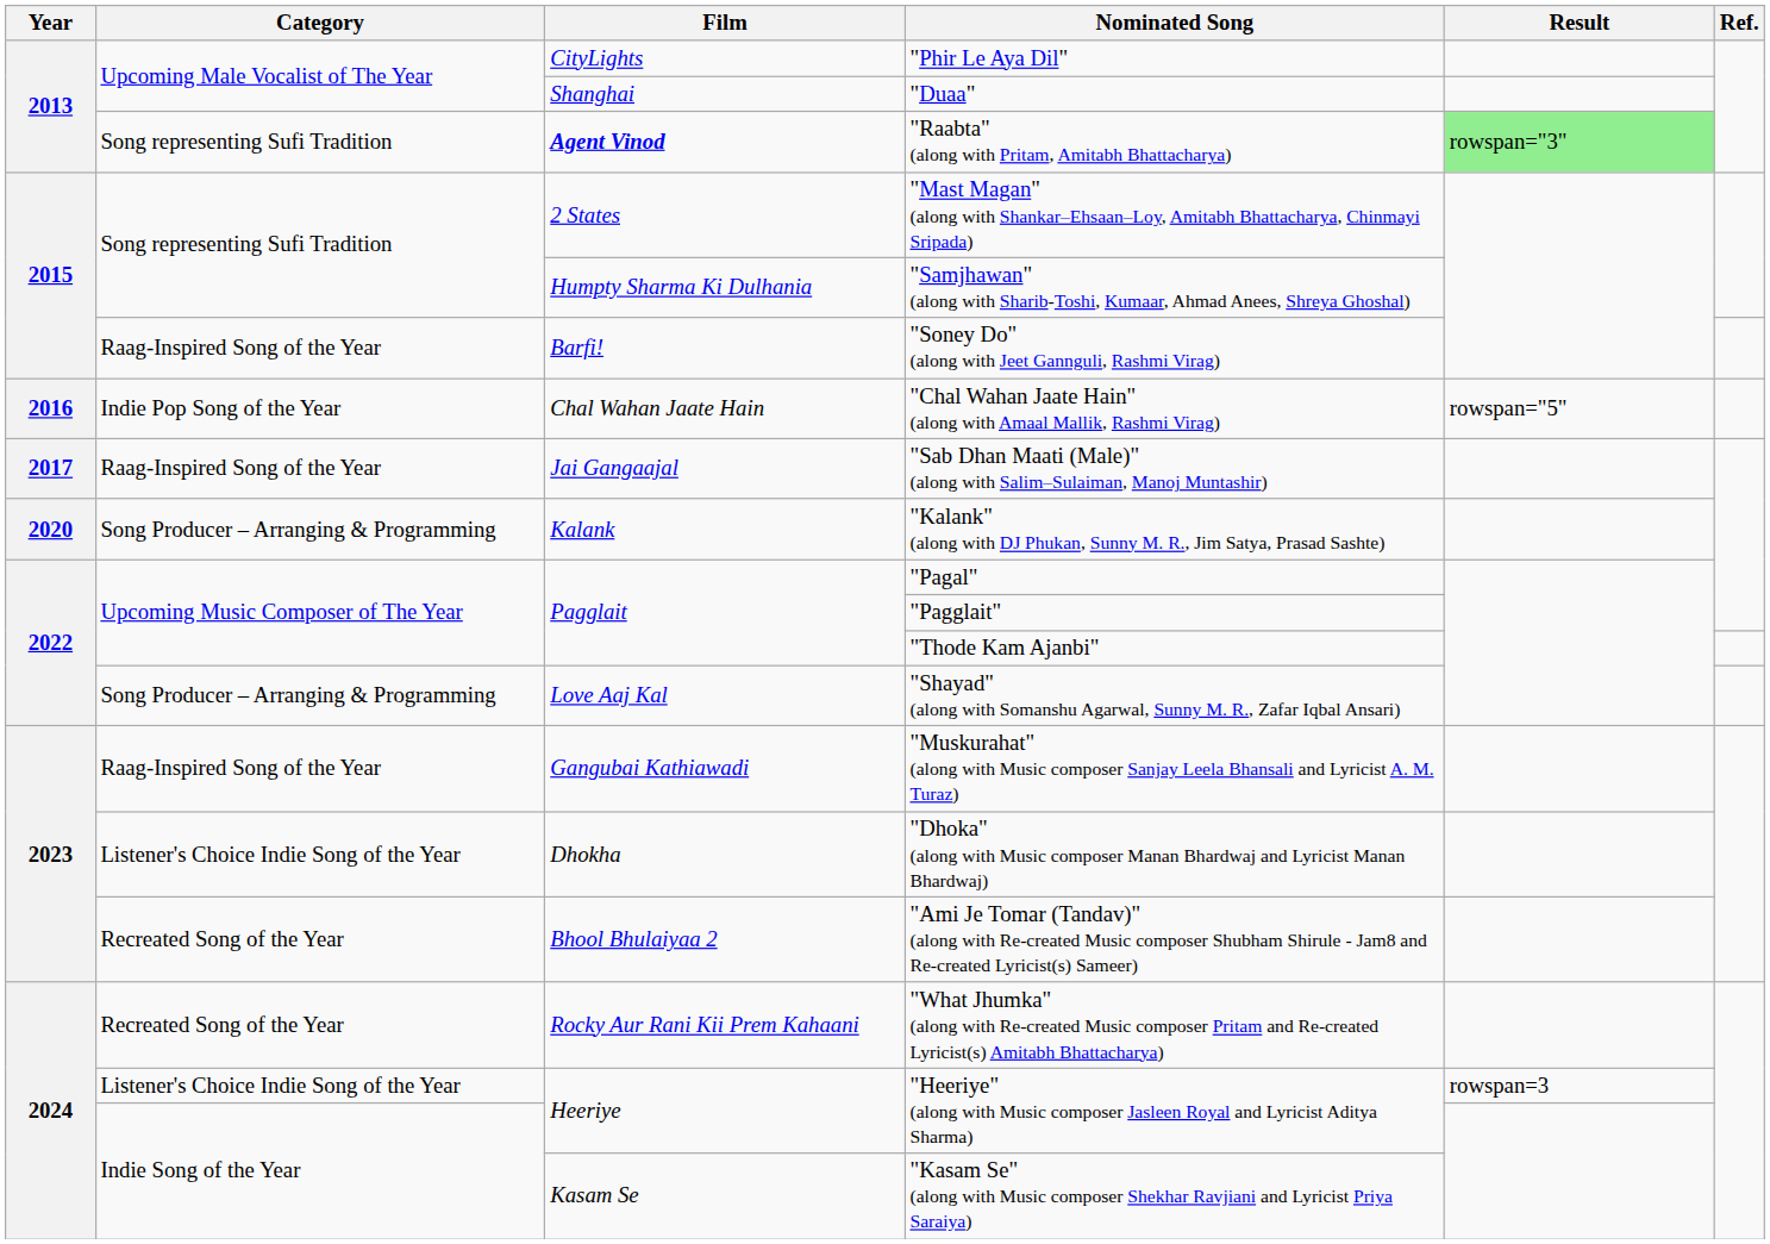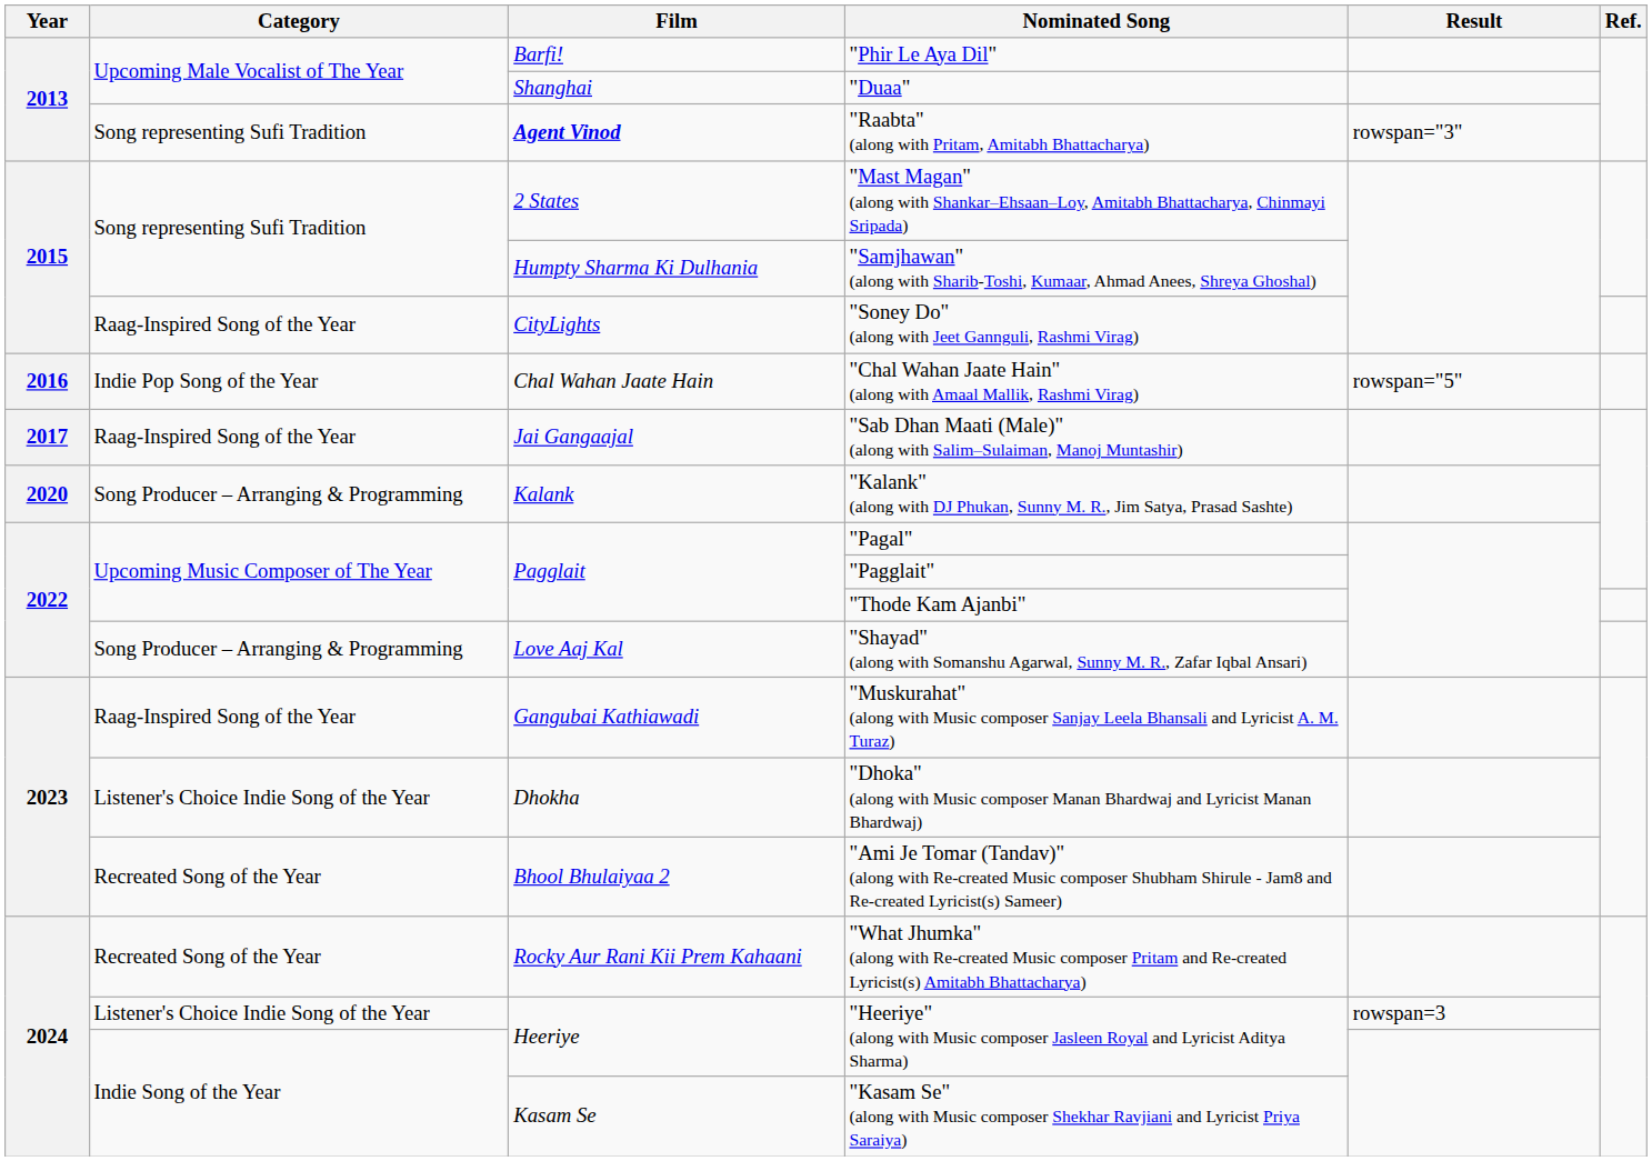 <table class="wikitable plainrowheaders" width="100%" "textcolor:#000;">
 <tr>
 <th scope="col" width=5%><strong>Year</strong></th>
 <th scope="col" width=25%><strong>Category</strong></th>
 <th scope="col" width=20%><strong>Film</strong></th>
 <th scope="col" width=30%><strong>Nominated Song</strong></th>
 <th scope="col" width=15%><strong>Result</strong></th>
 <th scope="col" width=2%><strong>Ref.</strong></th>
 </tr>
 <tr>
 <th scope="row" rowspan="3"><a href='#'>2013</a></th>
 <td rowspan="2"><a href='#'>Upcoming Male Vocalist of The Year</a></td>
-<td><em><a href='#'>CityLights</a></em></td>
+<td><em><a href='#'>Barfi!</a></em></td>
 <td>"<a href='#'>Phir Le Aya Dil</a>"</td>
 <td></td>
 <td rowspan="3"></td>
 </tr>
 <tr>
 <td><em><a href='#'>Shanghai</a></em></td>
 <td>"<a href='#'>Duaa</a>"</td>
 <td></td>
 </tr>
 <tr>
 <td>Song representing Sufi Tradition</td>
 <td><strong><em><a href='#'>Agent Vinod</a></em></strong></td>
 <td>"Raabta"<br><small>(along with <a href='#'>Pritam</a>, <a href='#'>Amitabh Bhattacharya</a>)</small></td>
-<td style="background: lightgreen;">rowspan="3" </td>
+<td>rowspan="3" </td>
 </tr>
 <tr>
 <th scope="row" rowspan="3"><a href='#'>2015</a></th>
 <td rowspan="2">Song representing Sufi Tradition</td>
 <td><em><a href='#'>2 States</a></em></td>
 <td>"<a href='#'>Mast Magan</a>"<br><small>(along with <a href='#'>Shankar–Ehsaan–Loy</a>, <a href='#'>Amitabh Bhattacharya</a>, <a href='#'>Chinmayi Sripada</a>)</small></td>
 <td rowspan="3"></td>
 </tr>
 <tr>
 <td><em><a href='#'>Humpty Sharma Ki Dulhania</a></em></td>
 <td>"<a href='#'>Samjhawan</a>"<br><small>(along with <a href='#'>Sharib</a>-<a href='#'>Toshi</a>, <a href='#'>Kumaar</a>, Ahmad Anees, <a href='#'>Shreya Ghoshal</a>)</small></td>
 </tr>
 <tr>
 <td>Raag-Inspired Song of the Year</td>
-<td><em><a href='#'>Barfi!</a></em></td>
+<td><em><a href='#'>CityLights</a></em></td>
 <td>"Soney Do"<br><small>(along with <a href='#'>Jeet Gannguli</a>, <a href='#'>Rashmi Virag</a>)</small></td>
 <td></td>
 </tr>
 <tr>
 <th scope="row"><a href='#'>2016</a></th>
 <td>Indie Pop Song of the Year</td>
 <td><em>Chal Wahan Jaate Hain</em></td>
 <td>"Chal Wahan Jaate Hain"<br><small>(along with <a href='#'>Amaal Mallik</a>, <a href='#'>Rashmi Virag</a>)</small></td>
 <td>rowspan="5" </td>
 <td></td>
 </tr>
 <tr>
 <th scope="row"><a href='#'>2017</a></th>
 <td>Raag-Inspired Song of the Year</td>
 <td><em><a href='#'>Jai Gangaajal</a></em></td>
 <td>"Sab Dhan Maati (Male)"<br><small>(along with <a href='#'>Salim–Sulaiman</a>, <a href='#'>Manoj Muntashir</a>)</small></td>
 <td></td>
 </tr>
 <tr>
 <th scope="row"><a href='#'>2020</a></th>
 <td>Song Producer – Arranging & Programming</td>
 <td><em><a href='#'>Kalank</a></em></td>
 <td>"Kalank"<br><small>(along with <a href='#'>DJ Phukan</a>, <a href='#'>Sunny M. R.</a>, Jim Satya, Prasad Sashte)</small></td>
 <td></td>
 </tr>
 <tr>
 <th scope="row" rowspan="4"><a href='#'>2022</a></th>
 <td rowspan="3"><a href='#'>Upcoming Music Composer of The Year</a></td>
 <td rowspan="3"><em><a href='#'>Pagglait</a></em></td>
 <td>"Pagal"</td>
 <td rowspan="4"></td>
 </tr>
 <tr>
 <td>"Pagglait"</td>
 </tr>
 <tr>
 <td>"Thode Kam Ajanbi"</td>
 <td></td>
 </tr>
 <tr>
 <td>Song Producer – Arranging & Programming</td>
 <td><em><a href='#'>Love Aaj Kal</a></em></td>
 <td>"Shayad"<br><small>(along with Somanshu Agarwal, <a href='#'>Sunny M. R.</a>, Zafar Iqbal Ansari)</small></td>
 <td></td>
 </tr>
 <tr>
 <th scope="row" rowspan="3">2023</th>
 <td>Raag-Inspired Song of the Year</td>
 <td><em><a href='#'>Gangubai Kathiawadi</a></em></td>
 <td>"Muskurahat"<br><small>(along with Music composer <a href='#'>Sanjay Leela Bhansali</a> and Lyricist <a href='#'>A. M. Turaz</a>)</small></td>
 <td></td>
 <td rowspan="3"></td>
 </tr>
 <tr>
 <td>Listener's Choice Indie Song of the Year</td>
 <td><em>Dhokha</em></td>
 <td>"Dhoka"<br><small>(along with Music composer Manan Bhardwaj and Lyricist Manan Bhardwaj)</small></td>
 <td></td>
 </tr>
 <tr>
 <td>Recreated Song of the Year</td>
 <td><em><a href='#'>Bhool Bhulaiyaa 2</a></em></td>
 <td>"Ami Je Tomar (Tandav)"<br><small>(along with Re-created Music composer Shubham Shirule - Jam8 and Re-created Lyricist(s) Sameer)</small></td>
 <td></td>
 </tr>
 <tr>
 <th scope="row" rowspan="4">2024</th>
 <td>Recreated Song of the Year</td>
 <td><em><a href='#'>Rocky Aur Rani Kii Prem Kahaani</a></em></td>
 <td>"What Jhumka"<br><small>(along with Re-created Music composer <a href='#'>Pritam</a> and Re-created Lyricist(s) <a href='#'>Amitabh Bhattacharya</a>)</small></td>
 <td></td>
 <td rowspan=4></td>
 </tr>
 <tr>
 <td>Listener's Choice Indie Song of the Year</td>
 <td rowspan=2><em>Heeriye</em></td>
 <td rowspan=2>"Heeriye"<br><small>(along with Music composer <a href='#'>Jasleen Royal</a> and Lyricist Aditya Sharma)</small></td>
 <td>rowspan=3 </td>
 </tr>
 <tr>
 <td rowspan=2>Indie Song of the Year</td>
 </tr>
 <tr>
 <td><em>Kasam Se</em></td>
 <td>"Kasam Se"<br><small>(along with Music composer <a href='#'>Shekhar Ravjiani</a> and Lyricist <a href='#'>Priya Saraiya</a>)</small></td>
 </tr>
 </table>
